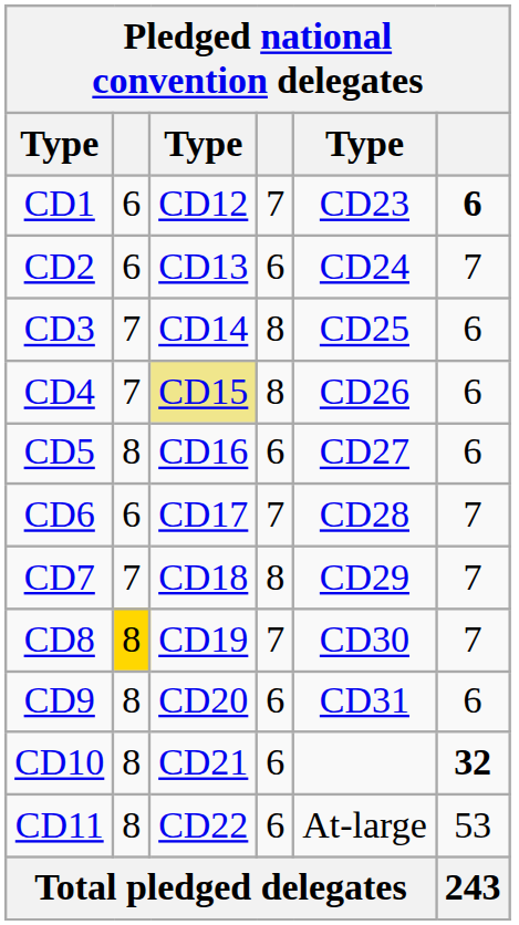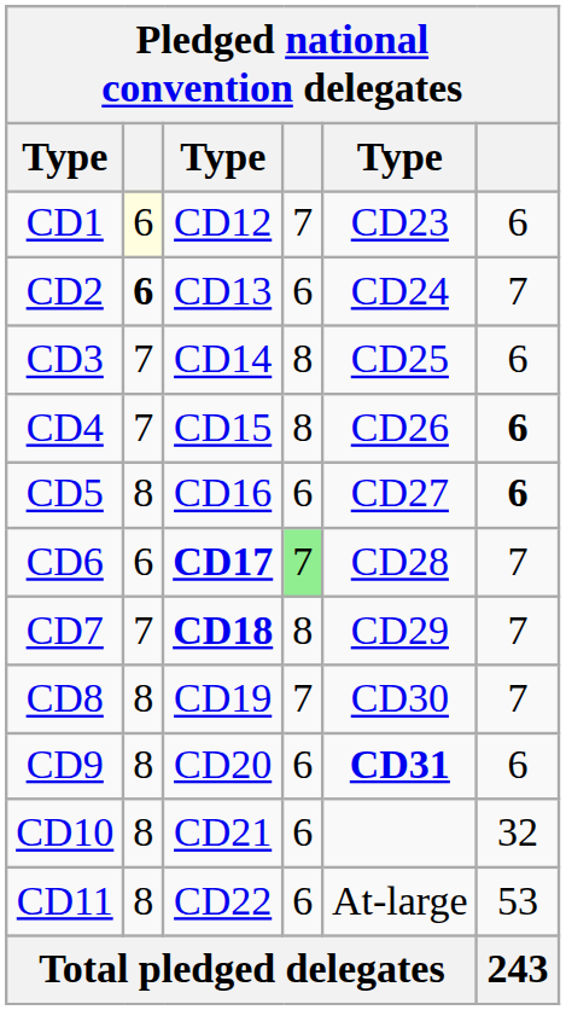 <table class="wikitable sortable" style="font-size:90%;text-align:center;float:none;padding:5px;">
 <tr>
 <th colspan="8">Pledged <a href='#'>national<br>convention</a> delegates</th>
 </tr>
 <tr>
 <th>Type</th>
 <th></th>
 <th>Type</th>
 <th></th>
 <th>Type</th>
 <th></th>
 </tr>
 <tr>
 <td><a href='#'>CD1</a></td>
-<td>6</td>
+<td style="background: lightyellow;">6</td>
 <td><a href='#'>CD12</a></td>
 <td>7</td>
 <td><a href='#'>CD23</a></td>
-<td><strong>6</strong></td>
+<td>6</td>
 </tr>
 <tr>
 <td><a href='#'>CD2</a></td>
-<td>6</td>
+<td><strong>6</strong></td>
 <td><a href='#'>CD13</a></td>
 <td>6</td>
 <td><a href='#'>CD24</a></td>
 <td>7</td>
 </tr>
 <tr>
 <td><a href='#'>CD3</a></td>
 <td>7</td>
 <td><a href='#'>CD14</a></td>
 <td>8</td>
 <td><a href='#'>CD25</a></td>
 <td>6</td>
 </tr>
 <tr>
 <td><a href='#'>CD4</a></td>
 <td>7</td>
-<td style="background: khaki;"><a href='#'>CD15</a></td>
+<td><a href='#'>CD15</a></td>
 <td>8</td>
 <td><a href='#'>CD26</a></td>
-<td>6</td>
+<td><strong>6</strong></td>
 </tr>
 <tr>
 <td><a href='#'>CD5</a></td>
 <td>8</td>
 <td><a href='#'>CD16</a></td>
 <td>6</td>
 <td><a href='#'>CD27</a></td>
-<td>6</td>
+<td><strong>6</strong></td>
 </tr>
 <tr>
 <td><a href='#'>CD6</a></td>
 <td>6</td>
-<td><a href='#'>CD17</a></td>
-<td>7</td>
+<td><strong><a href='#'>CD17</a></strong></td>
+<td style="background: lightgreen;">7</td>
 <td><a href='#'>CD28</a></td>
 <td>7</td>
 </tr>
 <tr>
 <td><a href='#'>CD7</a></td>
 <td>7</td>
-<td><a href='#'>CD18</a></td>
+<td><strong><a href='#'>CD18</a></strong></td>
 <td>8</td>
 <td><a href='#'>CD29</a></td>
 <td>7</td>
 </tr>
 <tr>
 <td><a href='#'>CD8</a></td>
-<td style="background: gold;">8</td>
+<td>8</td>
 <td><a href='#'>CD19</a></td>
 <td>7</td>
 <td><a href='#'>CD30</a></td>
 <td>7</td>
 </tr>
 <tr>
 <td><a href='#'>CD9</a></td>
 <td>8</td>
 <td><a href='#'>CD20</a></td>
 <td>6</td>
-<td><a href='#'>CD31</a></td>
+<td><strong><a href='#'>CD31</a></strong></td>
 <td>6</td>
 </tr>
 <tr>
 <td><a href='#'>CD10</a></td>
 <td>8</td>
 <td><a href='#'>CD21</a></td>
 <td>6</td>
 <td></td>
-<td><strong>32</strong></td>
+<td>32</td>
 </tr>
 <tr>
 <td><a href='#'>CD11</a></td>
 <td>8</td>
 <td><a href='#'>CD22</a></td>
 <td>6</td>
 <td>At-large</td>
 <td>53</td>
 </tr>
 <tr>
 <th colspan="5">Total pledged delegates</th>
 <th>243</th>
 </tr>
 </table>
